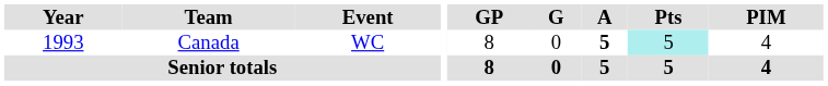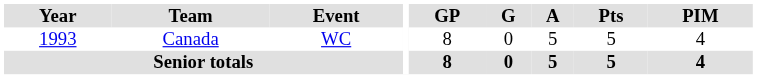 <table border="0" cellpadding="1" cellspacing="0" ID="Table3" style="text-align:center; width:40em">
 <tr ALIGN="center" bgcolor="#e0e0e0">
 <th>Year</th>
 <th>Team</th>
 <th>Event</th>
 <th rowspan="99" bgcolor="#ffffff"></th>
 <th>GP</th>
 <th>G</th>
 <th>A</th>
 <th>Pts</th>
 <th>PIM</th>
 </tr>
 <tr>
 <td><a href='#'>1993</a></td>
 <td><a href='#'>Canada</a></td>
 <td><a href='#'>WC</a></td>
 <td>8</td>
 <td>0</td>
-<td><strong>5</strong></td>
-<td style="background: paleturquoise;">5</td>
+<td>5</td>
+<td>5</td>
 <td>4</td>
 </tr>
 <tr bgcolor="#e0e0e0">
 <th colspan="3">Senior totals</th>
 <th>8</th>
 <th>0</th>
 <th>5</th>
 <th>5</th>
 <th>4</th>
 </tr>
 </table>
